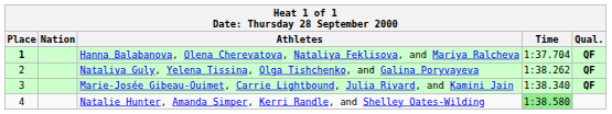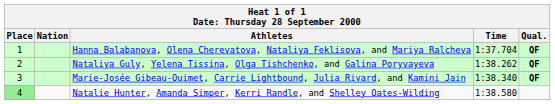 <table class="wikitable sortable">
 <tr>
 <th colspan=5>Heat 1 of 1 <br> Date: Thursday 28 September 2000</th>
 </tr>
 <tr>
 <th rowspan=1>Place</th>
 <th rowspan=1>Nation</th>
 <th rowspan=1>Athletes</th>
 <th rowspan=1>Time</th>
 <th rowspan=1>Qual.</th>
 </tr>
 <tr bgcolor="ccffcc">
-<td align="center"><strong>1</strong></td>
+<td align="center">1</td>
 <td align="left"></td>
 <td align="left"><a href='#'>Hanna Balabanova</a>, <a href='#'>Olena Cherevatova</a>, <a href='#'>Nataliya Feklisova</a>, and <a href='#'>Mariya Ralcheva</a></td>
 <td align="center">1:37.704</td>
 <td align="center"><strong>QF</strong></td>
 </tr>
 <tr bgcolor="ccffcc">
 <td align="center">2</td>
 <td align="left"></td>
 <td align="left"><a href='#'>Nataliya Guly</a>, <a href='#'>Yelena Tissina</a>, <a href='#'>Olga Tishchenko</a>, and <a href='#'>Galina Poryvayeva</a></td>
 <td align="center">1:38.262</td>
 <td align="center"><strong>QF</strong></td>
 </tr>
 <tr bgcolor="ccffcc">
 <td align="center">3</td>
 <td align="left"></td>
 <td align="left"><a href='#'>Marie-Josée Gibeau-Ouimet</a>, <a href='#'>Carrie Lightbound</a>, <a href='#'>Julia Rivard</a>, and <a href='#'>Kamini Jain</a></td>
 <td align="center">1:38.340</td>
 <td align="center"><strong>QF</strong></td>
 </tr>
 <tr>
-<td align="center">4</td>
+<td align="center" style="background: lightgreen;">4</td>
 <td align="left"></td>
 <td align="left"><a href='#'>Natalie Hunter</a>, <a href='#'>Amanda Simper</a>, <a href='#'>Kerri Randle</a>, and <a href='#'>Shelley Oates-Wilding</a></td>
-<td align="center" style="background: lightgreen;">1:38.580</td>
+<td align="center">1:38.580</td>
 <td align="center"></td>
 </tr>
 </table>
